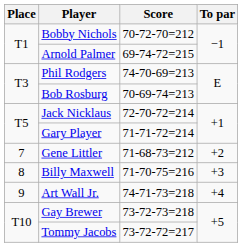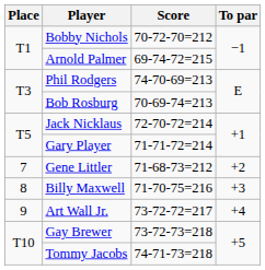 <table class=wikitable>
 <tr>
 <th>Place</th>
 <th>Player</th>
 <th>Score</th>
 <th>To par</th>
 </tr>
 <tr>
 <td align=center rowspan=2>T1</td>
 <td> <a href='#'>Bobby Nichols</a></td>
 <td>70-72-70=212</td>
 <td rowspan=2 align=center>−1</td>
 </tr>
 <tr>
 <td> <a href='#'>Arnold Palmer</a></td>
 <td>69-74-72=215</td>
 </tr>
 <tr>
 <td rowspan=2 align=center>T3</td>
 <td> <a href='#'>Phil Rodgers</a></td>
 <td>74-70-69=213</td>
 <td rowspan=2 align=center>E</td>
 </tr>
 <tr>
 <td> <a href='#'>Bob Rosburg</a></td>
 <td>70-69-74=213</td>
 </tr>
 <tr>
 <td rowspan=2 align=center>T5</td>
 <td> <a href='#'>Jack Nicklaus</a></td>
 <td>72-70-72=214</td>
 <td rowspan=2 align=center>+1</td>
 </tr>
 <tr>
 <td> <a href='#'>Gary Player</a></td>
 <td>71-71-72=214</td>
 </tr>
 <tr>
 <td align=center>7</td>
 <td> <a href='#'>Gene Littler</a></td>
 <td>71-68-73=212</td>
 <td align=center>+2</td>
 </tr>
 <tr>
 <td align=center>8</td>
 <td> <a href='#'>Billy Maxwell</a></td>
 <td>71-70-75=216</td>
 <td align=center>+3</td>
 </tr>
 <tr>
 <td align=center>9</td>
 <td> <a href='#'>Art Wall Jr.</a></td>
-<td>74-71-73=218</td>
+<td>73-72-72=217</td>
 <td align=center>+4</td>
 </tr>
 <tr>
 <td rowspan=2 align=center>T10</td>
 <td> <a href='#'>Gay Brewer</a></td>
 <td>73-72-73=218</td>
 <td rowspan=2 align=center>+5</td>
 </tr>
 <tr>
 <td> <a href='#'>Tommy Jacobs</a></td>
-<td>73-72-72=217</td>
+<td>74-71-73=218</td>
 </tr>
 </table>
